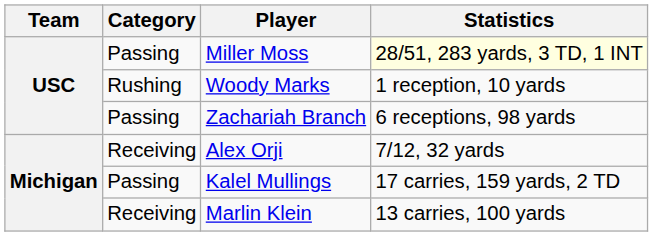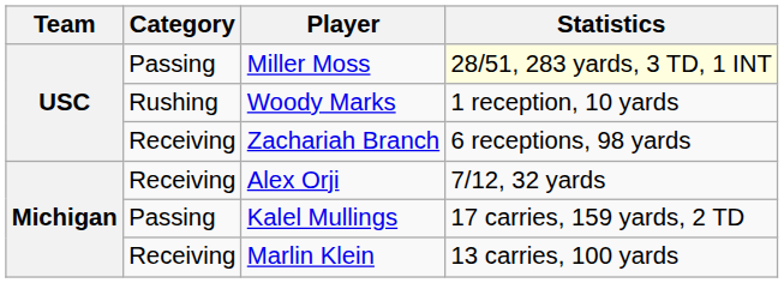 <table class="wikitable" style="float:right">
 <tr>
 <th>Team</th>
 <th>Category</th>
 <th>Player</th>
 <th>Statistics</th>
 </tr>
 <tr>
 <th rowspan=3>USC</th>
 <td>Passing</td>
 <td><a href='#'>Miller Moss</a></td>
 <td style="background: lightyellow;">28/51, 283 yards, 3 TD, 1 INT</td>
 </tr>
 <tr>
 <td>Rushing</td>
 <td><a href='#'>Woody Marks</a></td>
 <td>1 reception, 10 yards</td>
 </tr>
 <tr>
-<td>Passing</td>
+<td>Receiving</td>
 <td><a href='#'>Zachariah Branch</a></td>
 <td>6 receptions, 98 yards</td>
 </tr>
 <tr>
 <th rowspan=3>Michigan</th>
 <td>Receiving</td>
 <td><a href='#'>Alex Orji</a></td>
 <td>7/12, 32 yards</td>
 </tr>
 <tr>
 <td>Passing</td>
 <td><a href='#'>Kalel Mullings</a></td>
 <td>17 carries, 159 yards, 2 TD</td>
 </tr>
 <tr>
 <td>Receiving</td>
 <td><a href='#'>Marlin Klein</a></td>
 <td>13 carries, 100 yards</td>
 </tr>
 </table>
